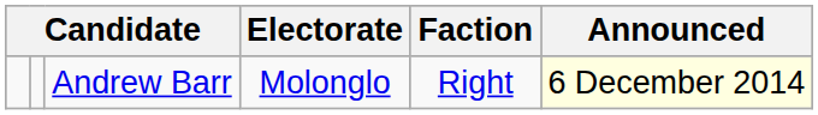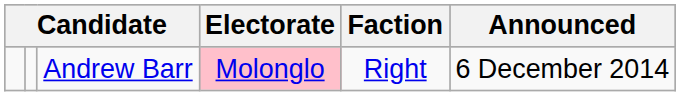 <table class="wikitable" style="text-align:center">
 <tr>
 <th colspan=3>Candidate</th>
 <th>Electorate</th>
 <th>Faction</th>
 <th>Announced</th>
 </tr>
 <tr>
 <td width="3pt" > </td>
 <td></td>
 <td><a href='#'>Andrew Barr</a></td>
-<td><a href='#'>Molonglo</a></td>
+<td style="background: pink;"><a href='#'>Molonglo</a></td>
 <td><a href='#'>Right</a></td>
-<td style="background: lightyellow;">6 December 2014</td>
+<td>6 December 2014</td>
 </tr>
 </table>
